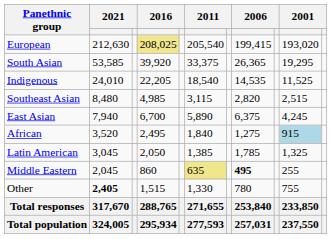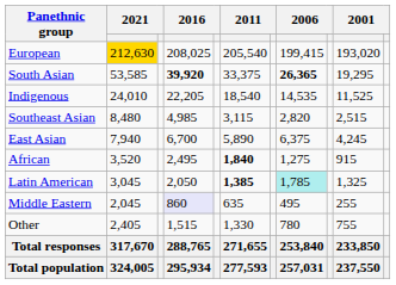 <table class="wikitable collapsible sortable">
 <tr>
 <th rowspan="2"><a href='#'>Panethnic</a><br>group</th>
 <th colspan="2">2021</th>
 <th colspan="2">2016</th>
 <th colspan="2">2011</th>
 <th colspan="2">2006</th>
 <th colspan="2">2001</th>
 </tr>
 <tr>
 <th><a href='#'></a></th>
 <th></th>
 <th></th>
 <th></th>
 <th></th>
 <th></th>
 <th></th>
 <th></th>
 <th></th>
 <th></th>
 </tr>
 <tr>
 <td><a href='#'>European</a></td>
-<td>212,630</td>
+<td style="background: gold;">212,630</td>
 <td></td>
-<td style="background: khaki;">208,025</td>
+<td>208,025</td>
 <td></td>
 <td>205,540</td>
 <td></td>
 <td>199,415</td>
 <td></td>
 <td>193,020</td>
 <td></td>
 </tr>
 <tr>
 <td><a href='#'>South Asian</a></td>
 <td>53,585</td>
 <td></td>
-<td>39,920</td>
+<td><strong>39,920</strong></td>
 <td></td>
 <td>33,375</td>
 <td></td>
-<td>26,365</td>
+<td><strong>26,365</strong></td>
 <td></td>
 <td>19,295</td>
 <td></td>
 </tr>
 <tr>
 <td><a href='#'>Indigenous</a></td>
 <td>24,010</td>
 <td></td>
 <td>22,205</td>
 <td></td>
 <td>18,540</td>
 <td></td>
 <td>14,535</td>
 <td></td>
 <td>11,525</td>
 <td></td>
 </tr>
 <tr>
 <td><a href='#'>Southeast Asian</a></td>
 <td>8,480</td>
 <td></td>
 <td>4,985</td>
 <td></td>
 <td>3,115</td>
 <td></td>
 <td>2,820</td>
 <td></td>
 <td>2,515</td>
 <td></td>
 </tr>
 <tr>
 <td><a href='#'>East Asian</a></td>
 <td>7,940</td>
 <td></td>
 <td>6,700</td>
 <td></td>
 <td>5,890</td>
 <td></td>
 <td>6,375</td>
 <td></td>
 <td>4,245</td>
 <td></td>
 </tr>
 <tr>
 <td><a href='#'>African</a></td>
 <td>3,520</td>
 <td></td>
 <td>2,495</td>
 <td></td>
-<td>1,840</td>
+<td><strong>1,840</strong></td>
 <td></td>
 <td>1,275</td>
 <td></td>
-<td style="background: lightblue;">915</td>
+<td>915</td>
 <td></td>
 </tr>
 <tr>
 <td><a href='#'>Latin American</a></td>
 <td>3,045</td>
 <td></td>
 <td>2,050</td>
 <td></td>
-<td>1,385</td>
+<td><strong>1,385</strong></td>
 <td></td>
-<td>1,785</td>
+<td style="background: paleturquoise;">1,785</td>
 <td></td>
 <td>1,325</td>
 <td></td>
 </tr>
 <tr>
 <td><a href='#'>Middle Eastern</a></td>
 <td>2,045</td>
 <td></td>
-<td>860</td>
+<td style="background: lavender;">860</td>
 <td></td>
-<td style="background: khaki;">635</td>
+<td>635</td>
 <td></td>
-<td><strong>495</strong></td>
+<td>495</td>
 <td></td>
 <td>255</td>
 <td></td>
 </tr>
 <tr>
 <td>Other</td>
-<td><strong>2,405</strong></td>
+<td>2,405</td>
 <td></td>
 <td>1,515</td>
 <td></td>
 <td>1,330</td>
 <td></td>
 <td>780</td>
 <td></td>
 <td>755</td>
 <td></td>
 </tr>
 <tr>
 <th>Total responses</th>
 <th>317,670</th>
 <th></th>
 <th>288,765</th>
 <th></th>
 <th>271,655</th>
 <th></th>
 <th>253,840</th>
 <th></th>
 <th>233,850</th>
 <th></th>
 </tr>
 <tr>
 <th>Total population</th>
 <th>324,005</th>
 <th></th>
 <th>295,934</th>
 <th></th>
 <th>277,593</th>
 <th></th>
 <th>257,031</th>
 <th></th>
 <th>237,550</th>
 <th></th>
 </tr>
 </table>
